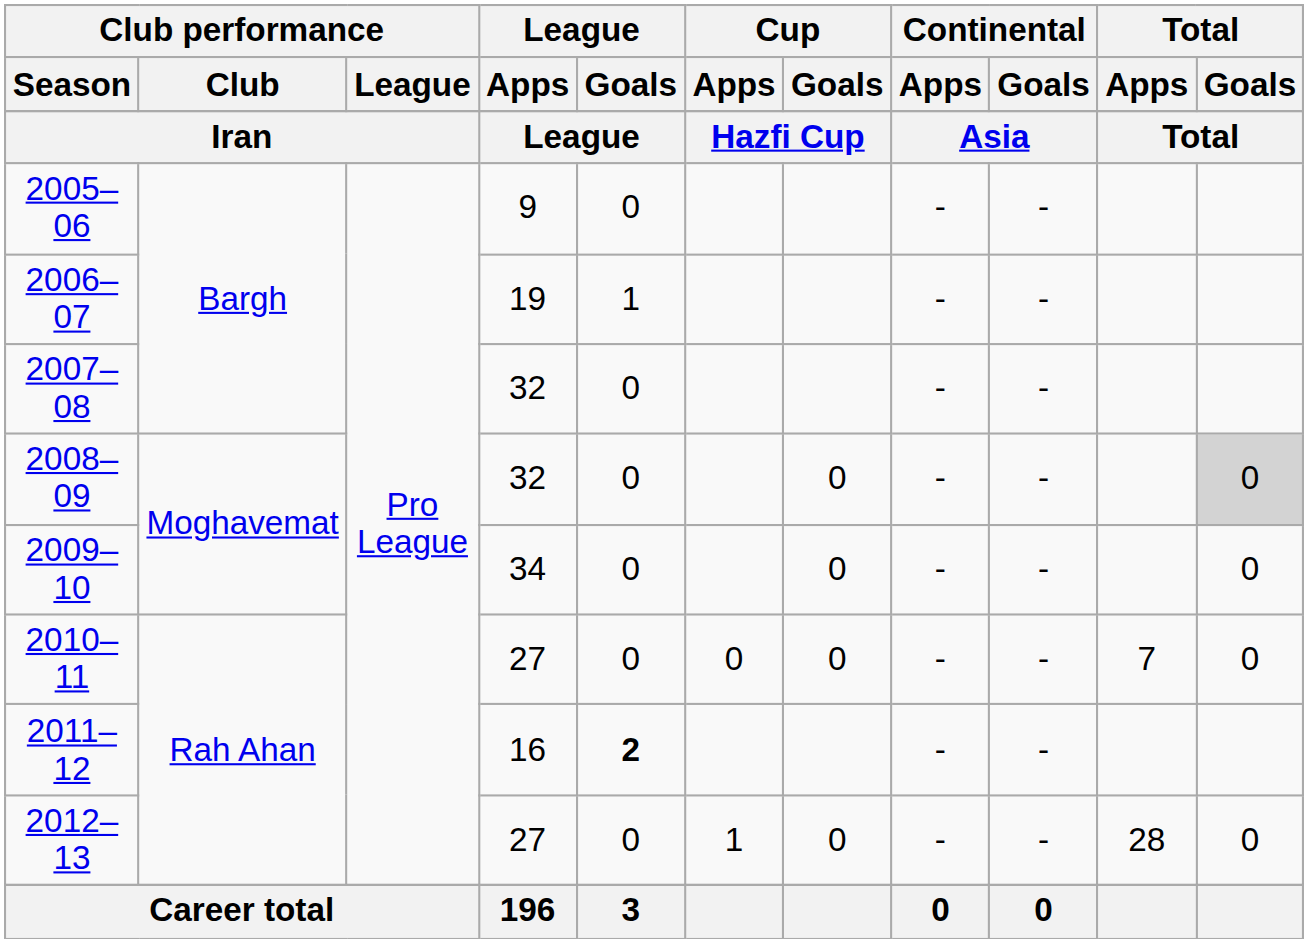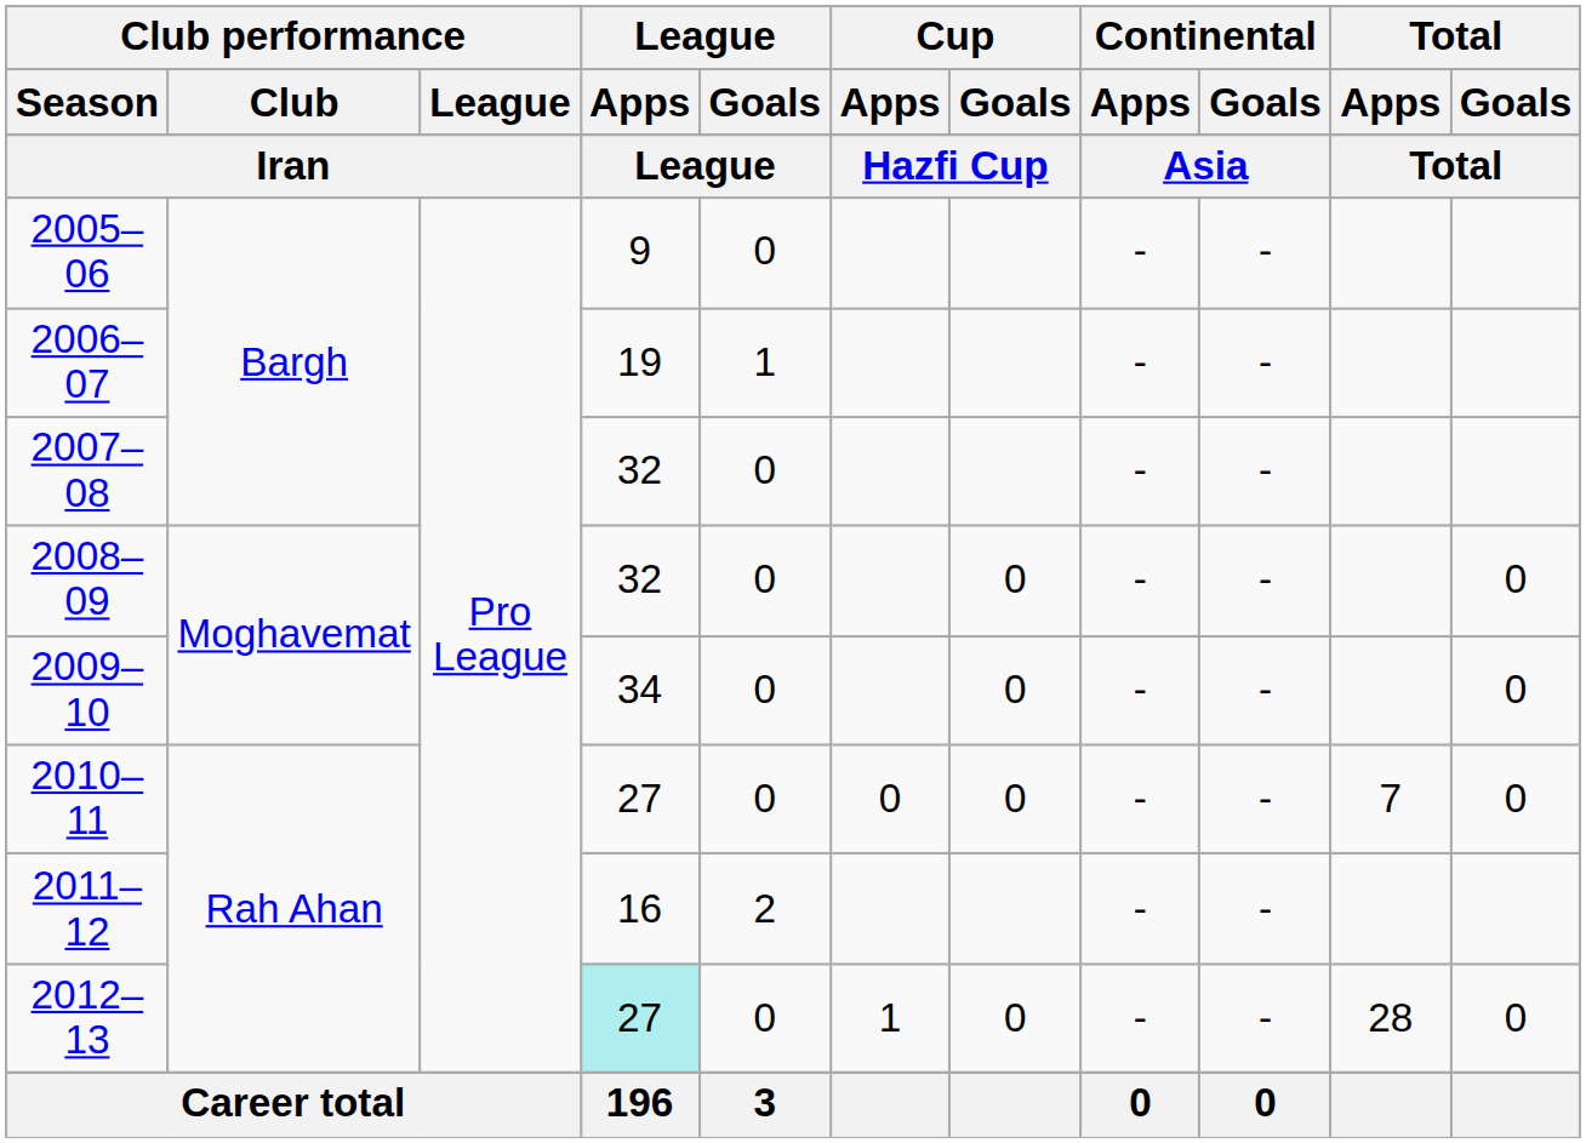 <table class="wikitable" style="text-align:center">
 <tr>
 <th colspan=3>Club performance</th>
 <th colspan=2>League</th>
 <th colspan=2>Cup</th>
 <th colspan=2>Continental</th>
 <th colspan=2>Total</th>
 </tr>
 <tr>
 <th>Season</th>
 <th>Club</th>
 <th>League</th>
 <th>Apps</th>
 <th>Goals</th>
 <th>Apps</th>
 <th>Goals</th>
 <th>Apps</th>
 <th>Goals</th>
 <th>Apps</th>
 <th>Goals</th>
 </tr>
 <tr>
 </tr>
 <tr>
 <th colspan=3>Iran</th>
 <th colspan=2>League</th>
 <th colspan=2><a href='#'>Hazfi Cup</a></th>
 <th colspan=2><a href='#'>Asia</a></th>
 <th colspan=2>Total</th>
 </tr>
 <tr>
 <td><a href='#'>2005–06</a></td>
 <td rowspan="3"><a href='#'>Bargh</a></td>
 <td rowspan="8"><a href='#'>Pro League</a></td>
 <td>9</td>
 <td>0</td>
 <td></td>
 <td></td>
 <td>-</td>
 <td>-</td>
 <td></td>
 <td></td>
 </tr>
 <tr>
 <td><a href='#'>2006–07</a></td>
 <td>19</td>
 <td>1</td>
 <td></td>
 <td></td>
 <td>-</td>
 <td>-</td>
 <td></td>
 <td></td>
 </tr>
 <tr>
 <td><a href='#'>2007–08</a></td>
 <td>32</td>
 <td>0</td>
 <td></td>
 <td></td>
 <td>-</td>
 <td>-</td>
 <td></td>
 <td></td>
 </tr>
 <tr>
 <td><a href='#'>2008–09</a></td>
 <td rowspan="2"><a href='#'>Moghavemat</a></td>
 <td>32</td>
 <td>0</td>
 <td></td>
 <td>0</td>
 <td>-</td>
 <td>-</td>
 <td></td>
-<td style="background: lightgrey;">0</td>
+<td>0</td>
 </tr>
 <tr>
 <td><a href='#'>2009–10</a></td>
 <td>34</td>
 <td>0</td>
 <td></td>
 <td>0</td>
 <td>-</td>
 <td>-</td>
 <td></td>
 <td>0</td>
 </tr>
 <tr>
 <td><a href='#'>2010–11</a></td>
 <td rowspan="3"><a href='#'>Rah Ahan</a></td>
 <td>27</td>
 <td>0</td>
 <td>0</td>
 <td>0</td>
 <td>-</td>
 <td>-</td>
 <td>7</td>
 <td>0</td>
 </tr>
 <tr>
 <td><a href='#'>2011–12</a></td>
 <td>16</td>
-<td><strong>2</strong></td>
+<td>2</td>
 <td></td>
 <td></td>
 <td>-</td>
 <td>-</td>
 <td></td>
 <td></td>
 </tr>
 <tr>
 <td><a href='#'>2012–13</a></td>
-<td>27</td>
+<td style="background: paleturquoise;">27</td>
 <td>0</td>
 <td>1</td>
 <td>0</td>
 <td>-</td>
 <td>-</td>
 <td>28</td>
 <td>0</td>
 </tr>
 <tr>
 </tr>
 <tr>
 <th colspan=3>Career total</th>
 <th>196</th>
 <th>3</th>
 <th></th>
 <th></th>
 <th>0</th>
 <th>0</th>
 <th></th>
 <th></th>
 </tr>
 </table>
